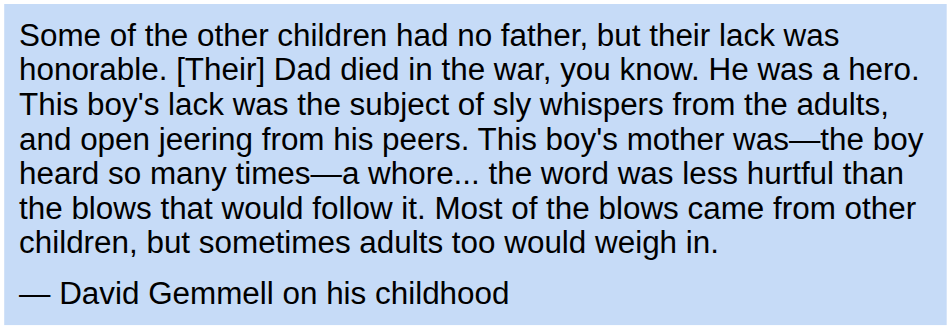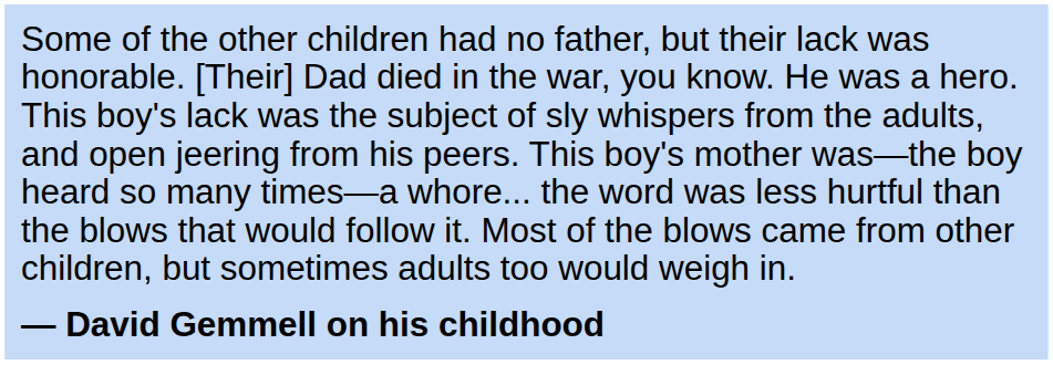 <table class="toccolours" style="float: right; margin-left: 2em; margin-right: 1em; font-size: 85%; background:#c6dbf7; color:black; width:30em; max-width: 40%;" cellspacing="5">
 <tr>
 <td style="text-align: left;">Some of the other children had no father, but their lack was honorable. [Their] Dad died in the war, you know. He was a hero. This boy's lack was the subject of sly whispers from the adults, and open jeering from his peers. This boy's mother was—the boy heard so many times—a whore... the word was less hurtful than the blows that would follow it. Most of the blows came from other children, but sometimes adults too would weigh in.</td>
 </tr>
 <tr>
-<td style="text-align: left;">— David Gemmell on his childhood</td>
+<td style="text-align: left;"><strong>— David Gemmell on his childhood</strong></td>
 </tr>
 </table>
